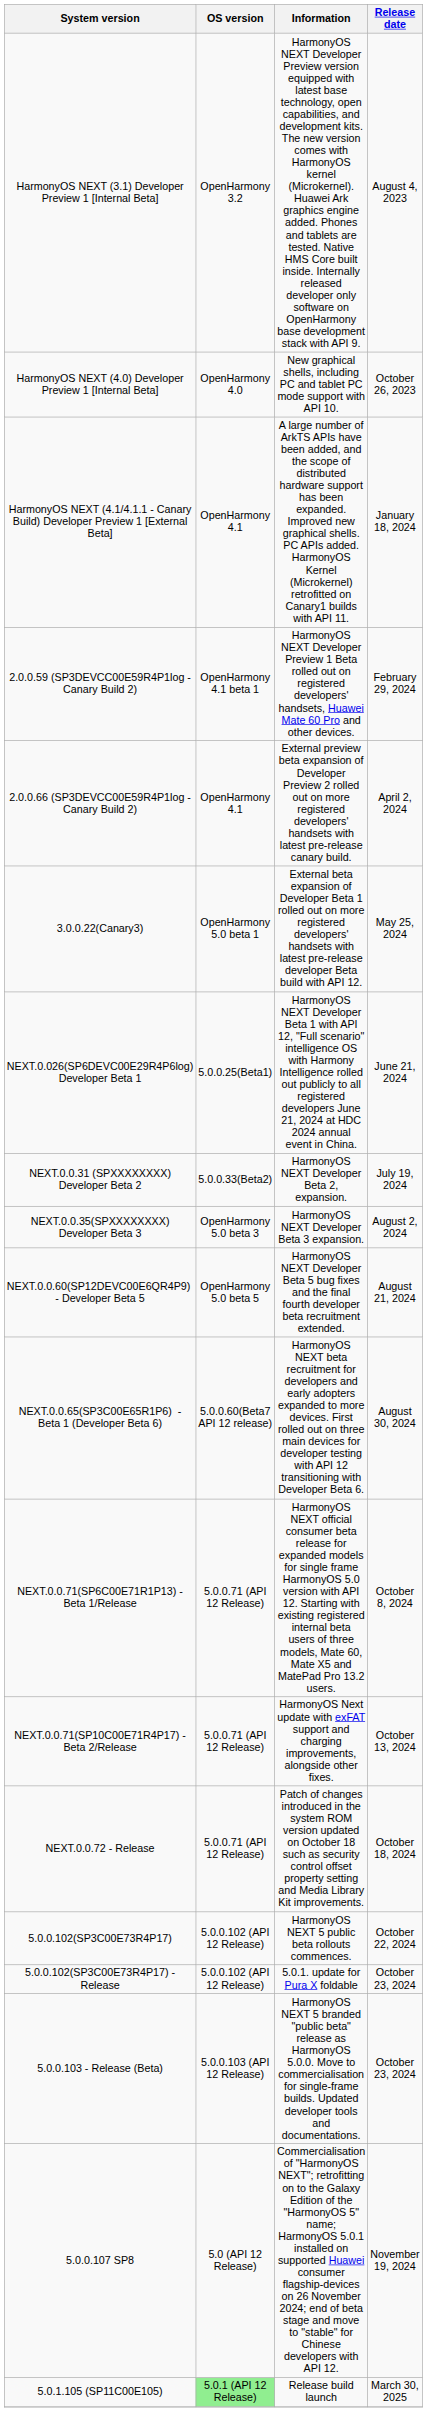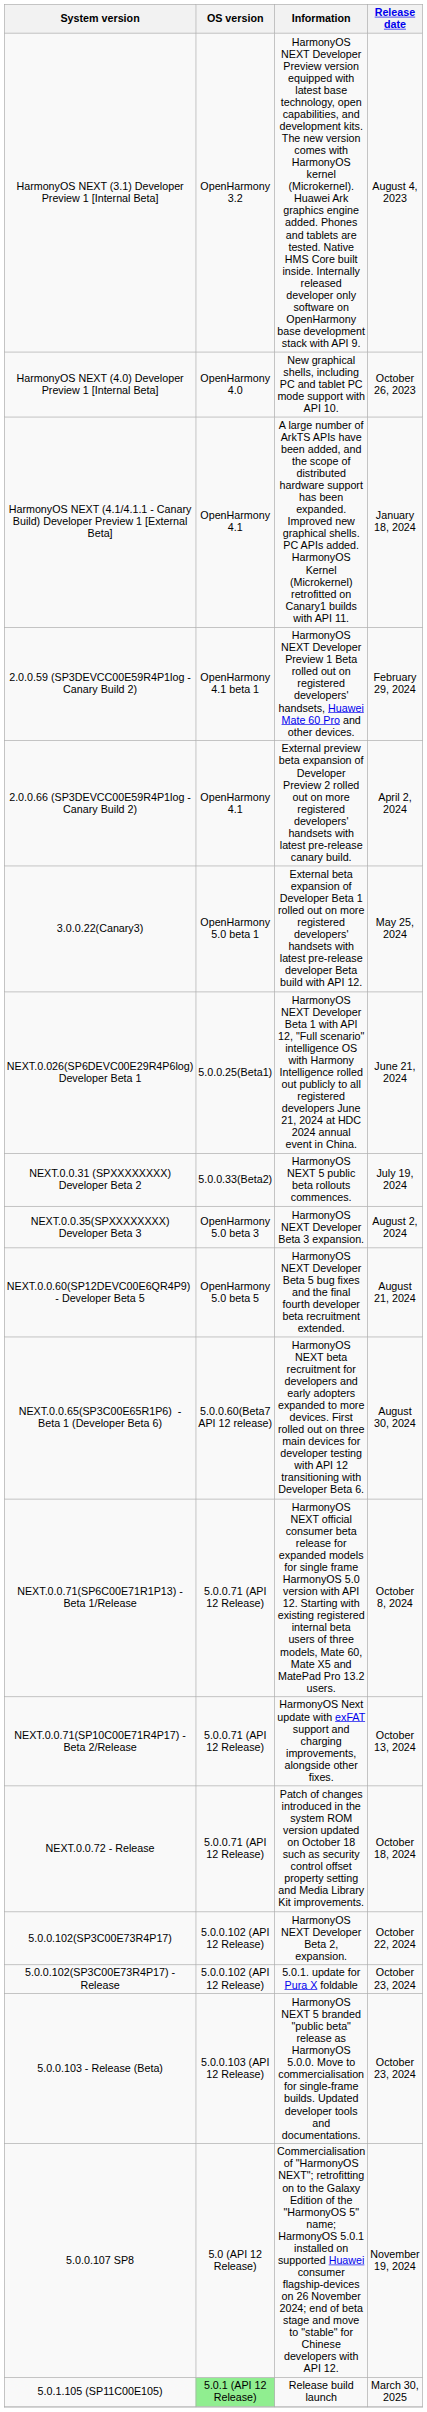 <table class="wikitable sortable" style="text-align:center">
 <tr>
 <th>System version</th>
 <th>OS version</th>
 <th>Information</th>
 <th><a href='#'>Release date</a></th>
 </tr>
 <tr>
 <td>HarmonyOS NEXT (3.1) Developer Preview 1 [Internal Beta]</td>
 <td>OpenHarmony 3.2</td>
 <td>HarmonyOS NEXT Developer Preview version equipped with latest base technology, open capabilities, and development kits. The new version comes with HarmonyOS kernel (Microkernel). Huawei Ark graphics engine added. Phones and tablets are tested. Native HMS Core built inside. Internally released developer only software on OpenHarmony base development stack with API 9.</td>
 <td>August 4, 2023</td>
 </tr>
 <tr>
 <td>HarmonyOS NEXT (4.0) Developer Preview 1 [Internal Beta]</td>
 <td>OpenHarmony 4.0</td>
 <td>New graphical shells, including PC and tablet PC mode support with API 10.</td>
 <td>October 26, 2023</td>
 </tr>
 <tr>
 <td>HarmonyOS NEXT (4.1/4.1.1 - Canary Build) Developer Preview 1 [External Beta]</td>
 <td>OpenHarmony 4.1</td>
 <td>A large number of ArkTS APIs have been added, and the scope of distributed hardware support has been expanded. Improved new graphical shells. PC APIs added. HarmonyOS Kernel (Microkernel) retrofitted on Canary1 builds with API 11.</td>
 <td>January 18, 2024</td>
 </tr>
 <tr>
 <td>2.0.0.59 (SP3DEVCC00E59R4P1log - Canary Build 2)</td>
 <td>OpenHarmony 4.1 beta 1</td>
 <td>HarmonyOS NEXT Developer Preview 1 Beta rolled out on registered developers' handsets, <a href='#'>Huawei Mate 60 Pro</a> and other devices.</td>
 <td>February 29, 2024</td>
 </tr>
 <tr>
 <td>2.0.0.66 (SP3DEVCC00E59R4P1log - Canary Build 2)</td>
 <td>OpenHarmony 4.1</td>
 <td>External preview beta expansion of Developer Preview 2 rolled out on more registered developers' handsets with latest pre-release canary build.</td>
 <td>April 2, 2024</td>
 </tr>
 <tr>
 <td>3.0.0.22(Canary3)</td>
 <td>OpenHarmony 5.0 beta 1</td>
 <td>External beta expansion of Developer Beta 1 rolled out on more registered developers' handsets with latest pre-release developer Beta build with API 12.</td>
 <td>May 25, 2024</td>
 </tr>
 <tr>
 <td>NEXT.0.026(SP6DEVC00E29R4P6log) Developer Beta 1</td>
 <td>5.0.0.25(Beta1)</td>
 <td>HarmonyOS NEXT Developer Beta 1 with API 12, "Full scenario" intelligence OS with Harmony Intelligence rolled out publicly to all registered developers June 21, 2024 at HDC 2024 annual event in China.</td>
 <td>June 21, 2024</td>
 </tr>
 <tr>
 <td>NEXT.0.0.31 (SPXXXXXXXX) Developer Beta 2</td>
 <td>5.0.0.33(Beta2)</td>
-<td>HarmonyOS NEXT Developer Beta 2, expansion.</td>
+<td>HarmonyOS NEXT 5 public beta rollouts commences.</td>
 <td>July 19, 2024</td>
 </tr>
 <tr>
 <td>NEXT.0.0.35(SPXXXXXXXX) Developer Beta 3</td>
 <td>OpenHarmony 5.0 beta 3</td>
 <td>HarmonyOS NEXT Developer Beta 3 expansion.</td>
 <td>August 2, 2024</td>
 </tr>
 <tr>
 <td>NEXT.0.0.60(SP12DEVC00E6QR4P9)  - Developer Beta 5</td>
 <td>OpenHarmony 5.0 beta 5</td>
 <td>HarmonyOS NEXT Developer Beta 5 bug fixes and the final fourth developer beta recruitment extended.</td>
 <td>August 21, 2024</td>
 </tr>
 <tr>
 <td>NEXT.0.0.65(SP3C00E65R1P6)  - Beta 1 (Developer Beta 6)</td>
 <td>5.0.0.60(Beta7 API 12 release)</td>
 <td>HarmonyOS NEXT beta recruitment for developers and early adopters expanded to more devices. First rolled out on three main devices for developer testing with API 12 transitioning with Developer Beta 6.</td>
 <td>August 30, 2024</td>
 </tr>
 <tr>
 <td>NEXT.0.0.71(SP6C00E71R1P13) - Beta 1/Release</td>
 <td>5.0.0.71 (API 12 Release)</td>
 <td>HarmonyOS NEXT official consumer beta release for expanded models for single frame HarmonyOS 5.0 version with API 12. Starting with existing registered internal beta users of three models, Mate 60, Mate X5 and MatePad Pro 13.2 users.</td>
 <td>October 8, 2024</td>
 </tr>
 <tr>
 <td>NEXT.0.0.71(SP10C00E71R4P17) - Beta 2/Release</td>
 <td>5.0.0.71 (API 12 Release)</td>
 <td>HarmonyOS Next update with <a href='#'>exFAT</a> support and charging improvements, alongside other fixes.</td>
 <td>October 13, 2024</td>
 </tr>
 <tr>
 <td>NEXT.0.0.72 - Release</td>
 <td>5.0.0.71 (API 12 Release)</td>
 <td>Patch of changes introduced in the system ROM version updated on October 18 such as security control offset property setting and Media Library Kit improvements.</td>
 <td>October 18, 2024</td>
 </tr>
 <tr>
 <td>5.0.0.102(SP3C00E73R4P17)</td>
 <td>5.0.0.102 (API 12 Release)</td>
-<td>HarmonyOS NEXT 5 public beta rollouts commences.</td>
+<td>HarmonyOS NEXT Developer Beta 2, expansion.</td>
 <td>October 22, 2024</td>
 </tr>
 <tr>
 <td>5.0.0.102(SP3C00E73R4P17) - Release</td>
 <td>5.0.0.102 (API 12 Release)</td>
 <td>5.0.1. update for <a href='#'>Pura X</a> foldable</td>
 <td>October 23, 2024</td>
 </tr>
 <tr>
 <td>5.0.0.103 - Release (Beta)</td>
 <td>5.0.0.103 (API 12 Release)</td>
 <td>HarmonyOS NEXT 5 branded "public beta" release as HarmonyOS 5.0.0. Move to commercialisation for single-frame builds. Updated developer tools and documentations.</td>
 <td>October 23, 2024</td>
 </tr>
 <tr>
 <td>5.0.0.107 SP8</td>
 <td>5.0 (API 12 Release)</td>
 <td>Commercialisation of "HarmonyOS NEXT"; retrofitting on to the Galaxy Edition of the "HarmonyOS 5" name; HarmonyOS 5.0.1 installed on supported <a href='#'>Huawei</a> consumer flagship-devices on 26 November 2024; end of beta stage and move to "stable" for Chinese developers with API 12.</td>
 <td>November 19, 2024</td>
 </tr>
 <tr>
 <td>5.0.1.105 (SP11C00E105)</td>
 <td style="background: lightgreen;">5.0.1 (API 12 Release)</td>
 <td>Release build launch</td>
 <td>March 30, 2025</td>
 </tr>
 <tr>
 </tr>
 </table>
